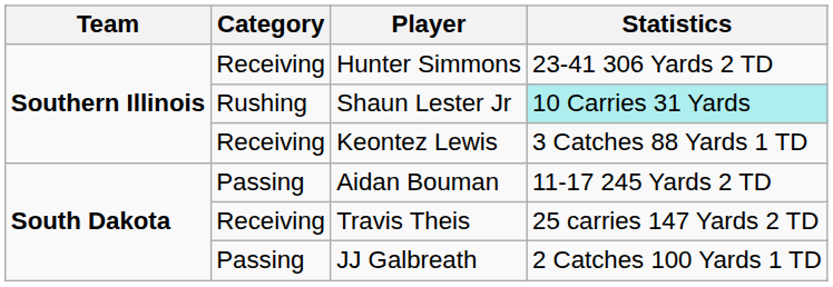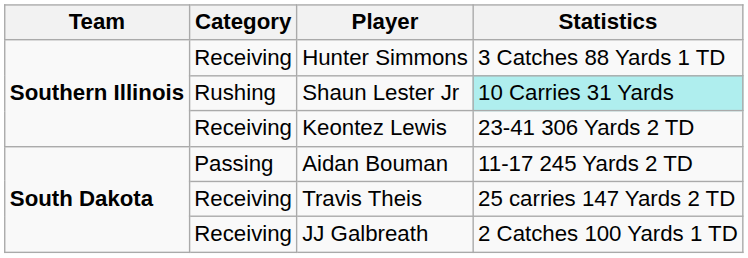 <table class="wikitable" style="float: right;">
 <tr>
 <th>Team</th>
 <th>Category</th>
 <th>Player</th>
 <th>Statistics</th>
 </tr>
 <tr>
 <td rowspan=3><strong>Southern Illinois</strong></td>
 <td>Receiving</td>
 <td>Hunter Simmons</td>
-<td>23-41 306 Yards 2 TD</td>
+<td>3 Catches 88 Yards 1 TD</td>
 </tr>
 <tr>
 <td>Rushing</td>
 <td>Shaun Lester Jr</td>
 <td style="background: paleturquoise;">10 Carries 31 Yards</td>
 </tr>
 <tr>
 <td>Receiving</td>
 <td>Keontez Lewis</td>
-<td>3 Catches 88 Yards 1 TD</td>
+<td>23-41 306 Yards 2 TD</td>
 </tr>
 <tr>
 <td rowspan=3><strong>South Dakota</strong></td>
 <td>Passing</td>
 <td>Aidan Bouman</td>
 <td>11-17 245 Yards 2 TD</td>
 </tr>
 <tr>
 <td>Receiving</td>
 <td>Travis Theis</td>
 <td>25 carries 147 Yards 2 TD</td>
 </tr>
 <tr>
-<td>Passing</td>
+<td>Receiving</td>
 <td>JJ Galbreath</td>
 <td>2 Catches 100 Yards 1 TD</td>
 </tr>
 </table>
